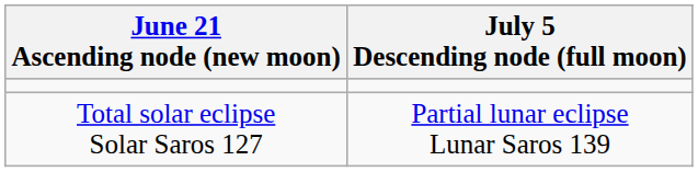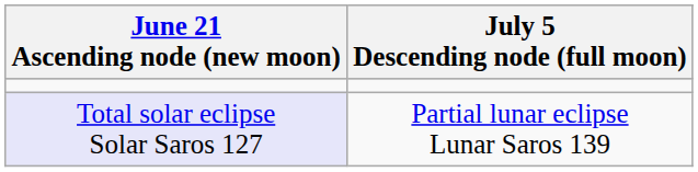 <table class="wikitable">
 <tr>
 <th><a href='#'>June 21</a><br>Ascending node (new moon)<br></th>
 <th>July 5<br>Descending node (full moon)<br></th>
 </tr>
 <tr>
 <td></td>
 <td></td>
 </tr>
 <tr align=center>
-<td><a href='#'>Total solar eclipse</a><br>Solar Saros 127</td>
+<td style="background: lavender;"><a href='#'>Total solar eclipse</a><br>Solar Saros 127</td>
 <td><a href='#'>Partial lunar eclipse</a><br>Lunar Saros 139</td>
 </tr>
 </table>
